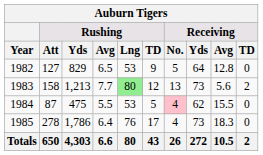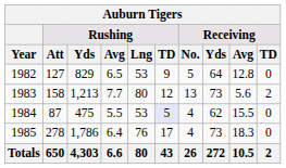 <table class=wikitable style="text-align:center">
 <tr>
 <th colspan="11">Auburn Tigers</th>
 </tr>
 <tr>
 <th></th>
 <th colspan="5" style="background:#e7e3e7;">Rushing</th>
 <th colspan="4" style="background:#e7e3e7;">Receiving</th>
 </tr>
 <tr>
 <th>Year</th>
 <th>Att</th>
 <th>Yds</th>
 <th>Avg</th>
 <th>Lng</th>
 <th>TD</th>
 <th>No.</th>
 <th>Yds</th>
 <th>Avg</th>
 <th>TD</th>
 </tr>
 <tr>
 <td>1982</td>
 <td>127</td>
 <td>829</td>
 <td>6.5</td>
 <td>53</td>
 <td>9</td>
 <td>5</td>
 <td>64</td>
 <td>12.8</td>
 <td>0</td>
 </tr>
 <tr>
 <td>1983</td>
 <td>158</td>
 <td>1,213</td>
 <td>7.7</td>
-<td style="background: lightgreen;">80</td>
+<td>80</td>
 <td>12</td>
 <td>13</td>
 <td>73</td>
 <td>5.6</td>
 <td>2</td>
 </tr>
 <tr>
 <td>1984</td>
 <td>87</td>
 <td>475</td>
 <td>5.5</td>
 <td>53</td>
-<td>5</td>
-<td style="background: pink;">4</td>
+<td style="background: lavender;">5</td>
+<td>4</td>
 <td>62</td>
 <td>15.5</td>
 <td>0</td>
 </tr>
 <tr>
 <td>1985</td>
 <td>278</td>
 <td>1,786</td>
 <td>6.4</td>
 <td>76</td>
 <td>17</td>
 <td>4</td>
 <td>73</td>
 <td>18.3</td>
 <td>0</td>
 </tr>
 <tr>
 <th>Totals</th>
 <th>650</th>
 <th>4,303</th>
 <th>6.6</th>
 <th>80</th>
 <th>43</th>
 <th>26</th>
 <th>272</th>
 <th>10.5</th>
 <th>2</th>
 </tr>
 </table>
